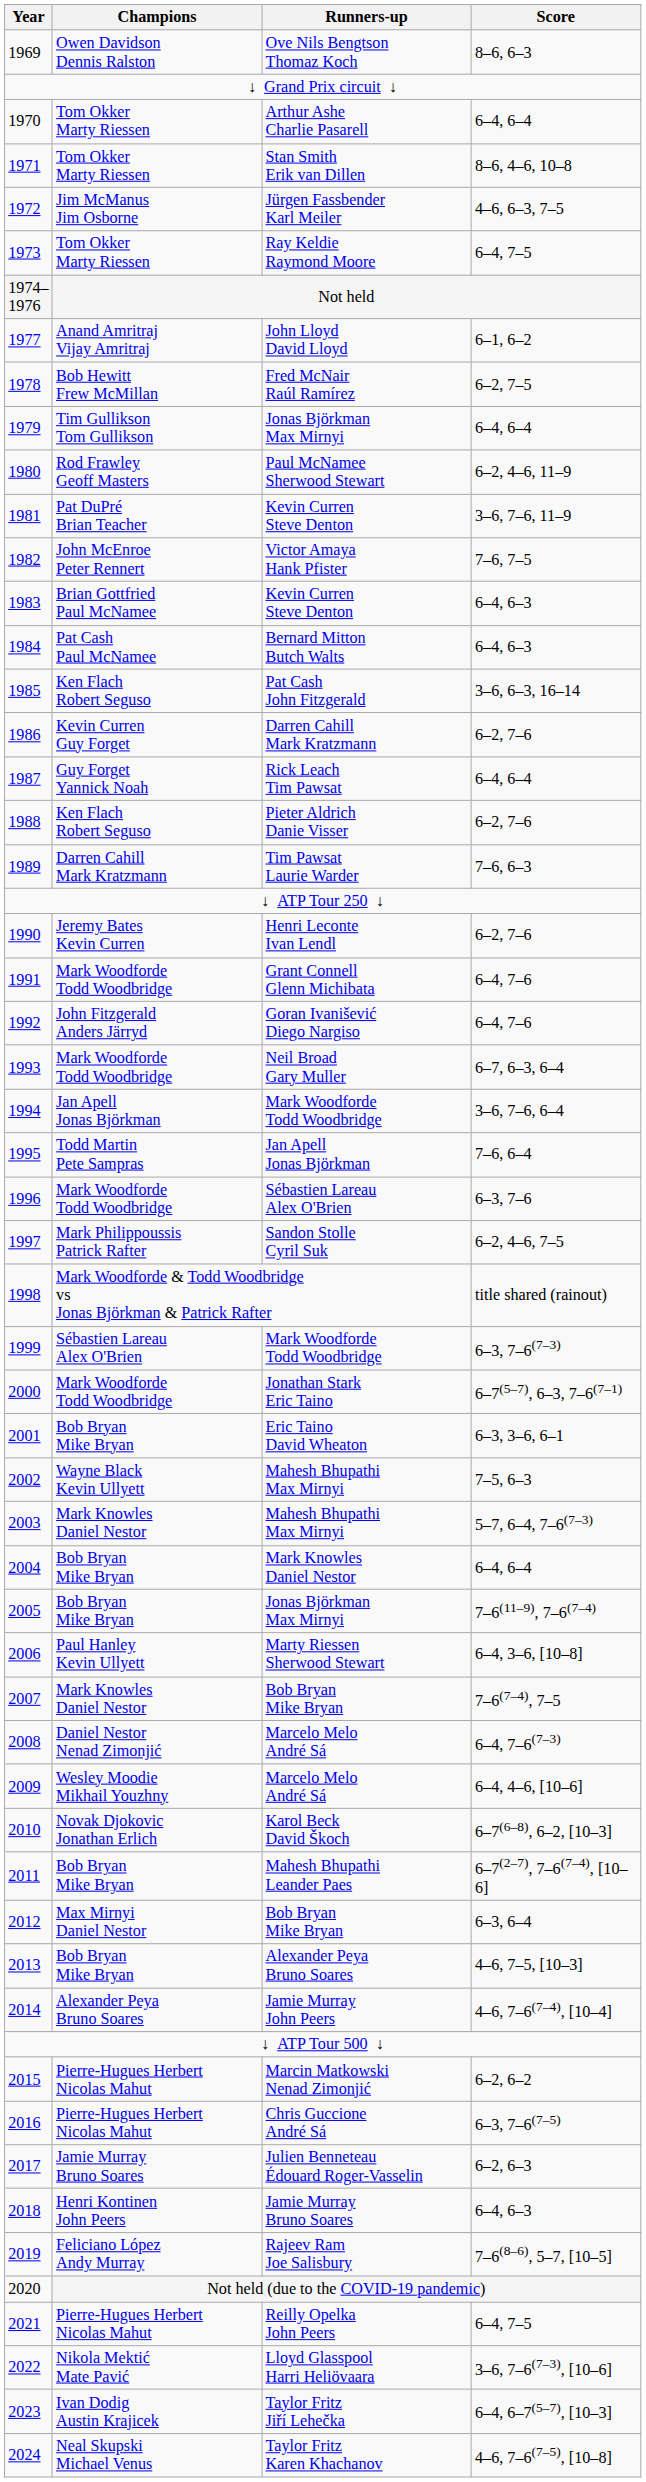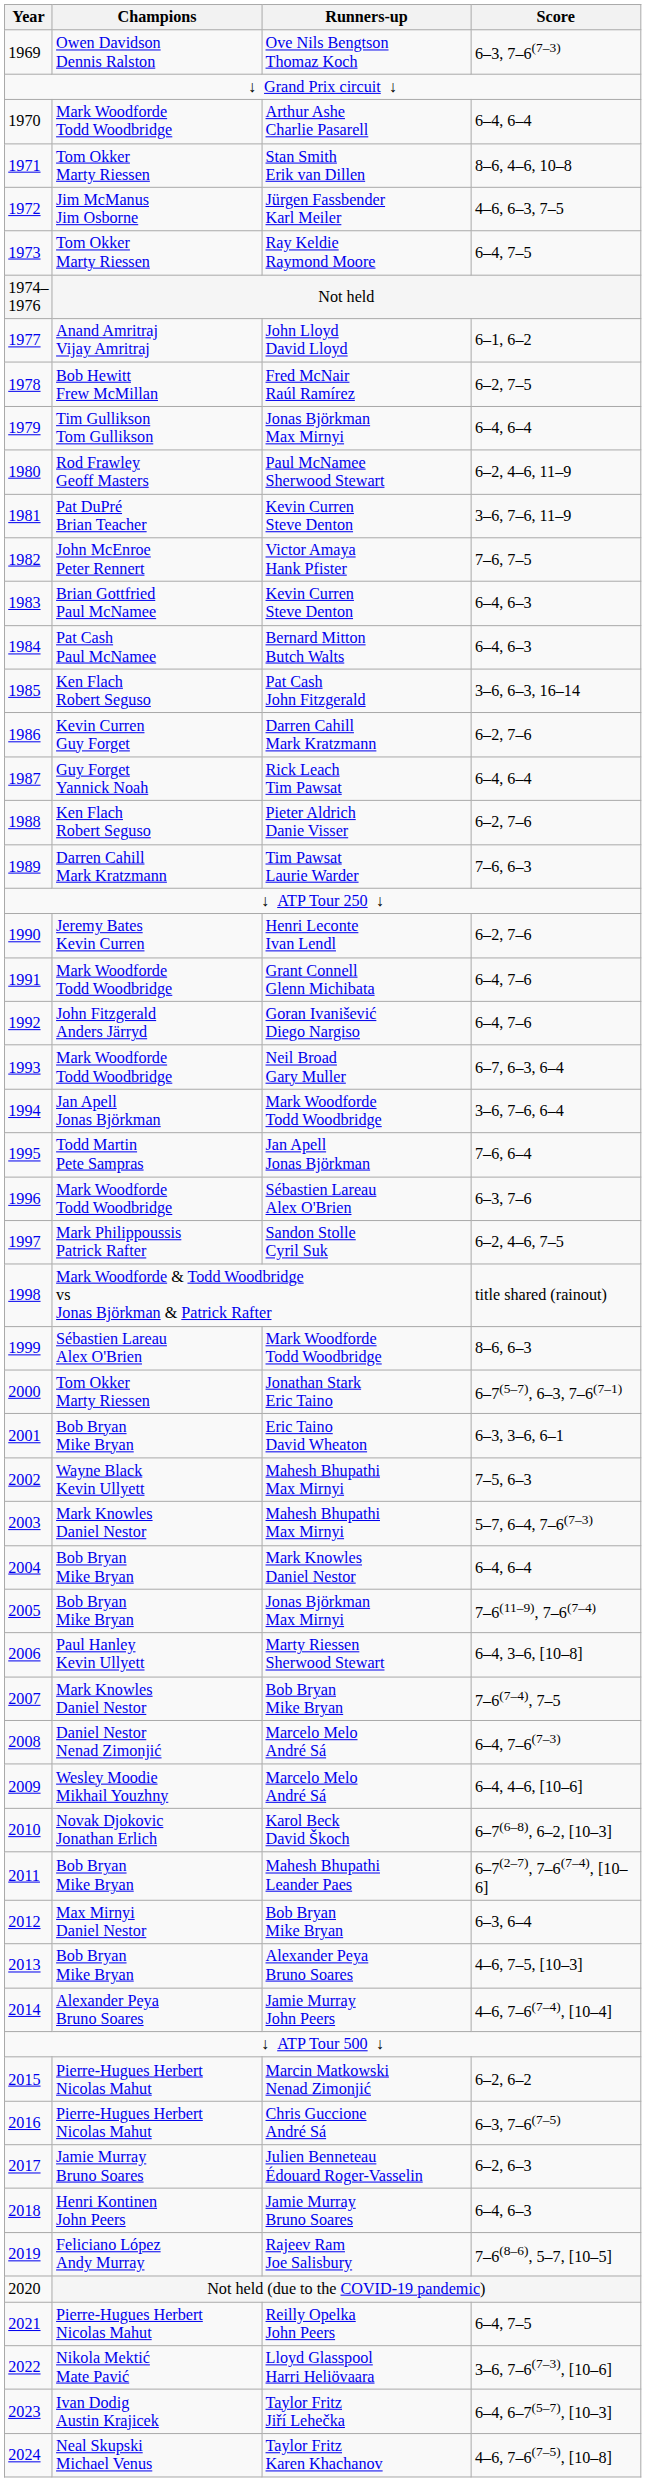 <table class="wikitable">
 <tr>
 <th style="width:40px">Year</th>
 <th style="width:200px">Champions</th>
 <th style="width:200px">Runners-up</th>
 <th style="width:160px" class="unsortable">Score</th>
 </tr>
 <tr>
 <td>1969</td>
 <td> <a href='#'>Owen Davidson</a><br>  <a href='#'>Dennis Ralston</a></td>
 <td> <a href='#'>Ove Nils Bengtson</a><br>  <a href='#'>Thomaz Koch</a></td>
-<td>8–6, 6–3</td>
+<td>6–3, 7–6<sup>(7–3)</sup></td>
 </tr>
 <tr>
 <td colspan=5 align=center>↓  <a href='#'>Grand Prix circuit</a>  ↓</td>
 </tr>
 <tr>
 <td>1970</td>
-<td> <a href='#'>Tom Okker</a><br>  <a href='#'>Marty Riessen</a></td>
+<td> <a href='#'>Mark Woodforde</a><br>  <a href='#'>Todd Woodbridge</a></td>
 <td> <a href='#'>Arthur Ashe</a><br>  <a href='#'>Charlie Pasarell</a></td>
 <td>6–4, 6–4</td>
 </tr>
 <tr>
 <td><a href='#'>1971</a></td>
 <td> <a href='#'>Tom Okker</a><br>  <a href='#'>Marty Riessen</a></td>
 <td> <a href='#'>Stan Smith</a><br>  <a href='#'>Erik van Dillen</a></td>
 <td>8–6, 4–6, 10–8</td>
 </tr>
 <tr>
 <td><a href='#'>1972</a></td>
 <td> <a href='#'>Jim McManus</a><br>  <a href='#'>Jim Osborne</a></td>
 <td> <a href='#'>Jürgen Fassbender</a><br>  <a href='#'>Karl Meiler</a></td>
 <td>4–6, 6–3, 7–5</td>
 </tr>
 <tr>
 <td><a href='#'>1973</a></td>
 <td> <a href='#'>Tom Okker</a><br>  <a href='#'>Marty Riessen</a></td>
 <td> <a href='#'>Ray Keldie</a><br>  <a href='#'>Raymond Moore</a></td>
 <td>6–4, 7–5</td>
 </tr>
 <tr>
 <td style="background:#f5f5f5">1974–1976</td>
 <td colspan="3"  style="text-align:center; background:#f5f5f5;">Not held</td>
 </tr>
 <tr>
 <td><a href='#'>1977</a></td>
 <td> <a href='#'>Anand Amritraj</a><br>  <a href='#'>Vijay Amritraj</a></td>
 <td> <a href='#'>John Lloyd</a><br>  <a href='#'>David Lloyd</a></td>
 <td>6–1, 6–2</td>
 </tr>
 <tr>
 <td><a href='#'>1978</a></td>
 <td> <a href='#'>Bob Hewitt</a><br>  <a href='#'>Frew McMillan</a></td>
 <td> <a href='#'>Fred McNair</a><br>  <a href='#'>Raúl Ramírez</a></td>
 <td>6–2, 7–5</td>
 </tr>
 <tr>
 <td><a href='#'>1979</a></td>
 <td> <a href='#'>Tim Gullikson</a><br>  <a href='#'>Tom Gullikson</a></td>
 <td> <a href='#'>Jonas Björkman</a><br>  <a href='#'>Max Mirnyi</a></td>
 <td>6–4, 6–4</td>
 </tr>
 <tr>
 <td><a href='#'>1980</a></td>
 <td> <a href='#'>Rod Frawley</a><br>  <a href='#'>Geoff Masters</a></td>
 <td> <a href='#'>Paul McNamee</a><br>  <a href='#'>Sherwood Stewart</a></td>
 <td>6–2, 4–6, 11–9</td>
 </tr>
 <tr>
 <td><a href='#'>1981</a></td>
 <td> <a href='#'>Pat DuPré</a><br>  <a href='#'>Brian Teacher</a></td>
 <td> <a href='#'>Kevin Curren</a><br>  <a href='#'>Steve Denton</a></td>
 <td>3–6, 7–6, 11–9</td>
 </tr>
 <tr>
 <td><a href='#'>1982</a></td>
 <td> <a href='#'>John McEnroe</a><br>  <a href='#'>Peter Rennert</a></td>
 <td> <a href='#'>Victor Amaya</a><br>  <a href='#'>Hank Pfister</a></td>
 <td>7–6, 7–5</td>
 </tr>
 <tr>
 <td><a href='#'>1983</a></td>
 <td> <a href='#'>Brian Gottfried</a><br>  <a href='#'>Paul McNamee</a></td>
 <td> <a href='#'>Kevin Curren</a><br>  <a href='#'>Steve Denton</a></td>
 <td>6–4, 6–3</td>
 </tr>
 <tr>
 <td><a href='#'>1984</a></td>
 <td> <a href='#'>Pat Cash</a><br>  <a href='#'>Paul McNamee</a></td>
 <td> <a href='#'>Bernard Mitton</a><br>  <a href='#'>Butch Walts</a></td>
 <td>6–4, 6–3</td>
 </tr>
 <tr>
 <td><a href='#'>1985</a></td>
 <td> <a href='#'>Ken Flach</a><br>  <a href='#'>Robert Seguso</a></td>
 <td> <a href='#'>Pat Cash</a><br>  <a href='#'>John Fitzgerald</a></td>
 <td>3–6, 6–3, 16–14</td>
 </tr>
 <tr>
 <td><a href='#'>1986</a></td>
 <td> <a href='#'>Kevin Curren</a><br>  <a href='#'>Guy Forget</a></td>
 <td> <a href='#'>Darren Cahill</a><br>  <a href='#'>Mark Kratzmann</a></td>
 <td>6–2, 7–6</td>
 </tr>
 <tr>
 <td><a href='#'>1987</a></td>
 <td> <a href='#'>Guy Forget</a><br>  <a href='#'>Yannick Noah</a></td>
 <td> <a href='#'>Rick Leach</a><br>  <a href='#'>Tim Pawsat</a></td>
 <td>6–4, 6–4</td>
 </tr>
 <tr>
 <td><a href='#'>1988</a></td>
 <td> <a href='#'>Ken Flach</a><br>  <a href='#'>Robert Seguso</a></td>
 <td> <a href='#'>Pieter Aldrich</a><br>  <a href='#'>Danie Visser</a></td>
 <td>6–2, 7–6</td>
 </tr>
 <tr>
 <td><a href='#'>1989</a></td>
 <td> <a href='#'>Darren Cahill</a><br>  <a href='#'>Mark Kratzmann</a></td>
 <td> <a href='#'>Tim Pawsat</a><br>  <a href='#'>Laurie Warder</a></td>
 <td>7–6, 6–3</td>
 </tr>
 <tr>
 <td colspan=4 align=center>↓  <a href='#'>ATP Tour 250</a>  ↓</td>
 </tr>
 <tr>
 <td><a href='#'>1990</a></td>
 <td> <a href='#'>Jeremy Bates</a><br>  <a href='#'>Kevin Curren</a></td>
 <td> <a href='#'>Henri Leconte</a><br>  <a href='#'>Ivan Lendl</a></td>
 <td>6–2, 7–6</td>
 </tr>
 <tr>
 <td><a href='#'>1991</a></td>
 <td> <a href='#'>Mark Woodforde</a><br>  <a href='#'>Todd Woodbridge</a></td>
 <td> <a href='#'>Grant Connell</a><br>  <a href='#'>Glenn Michibata</a></td>
 <td>6–4, 7–6</td>
 </tr>
 <tr>
 <td><a href='#'>1992</a></td>
 <td> <a href='#'>John Fitzgerald</a><br>  <a href='#'>Anders Järryd</a></td>
 <td> <a href='#'>Goran Ivanišević</a><br>  <a href='#'>Diego Nargiso</a></td>
 <td>6–4, 7–6</td>
 </tr>
 <tr>
 <td><a href='#'>1993</a></td>
 <td> <a href='#'>Mark Woodforde</a><br>  <a href='#'>Todd Woodbridge</a></td>
 <td> <a href='#'>Neil Broad</a><br>  <a href='#'>Gary Muller</a></td>
 <td>6–7, 6–3, 6–4</td>
 </tr>
 <tr>
 <td><a href='#'>1994</a></td>
 <td> <a href='#'>Jan Apell</a><br>  <a href='#'>Jonas Björkman</a></td>
 <td> <a href='#'>Mark Woodforde</a><br>  <a href='#'>Todd Woodbridge</a></td>
 <td>3–6, 7–6, 6–4</td>
 </tr>
 <tr>
 <td><a href='#'>1995</a></td>
 <td> <a href='#'>Todd Martin</a><br>  <a href='#'>Pete Sampras</a></td>
 <td> <a href='#'>Jan Apell</a><br>  <a href='#'>Jonas Björkman</a></td>
 <td>7–6, 6–4</td>
 </tr>
 <tr>
 <td><a href='#'>1996</a></td>
 <td> <a href='#'>Mark Woodforde</a><br>  <a href='#'>Todd Woodbridge</a></td>
 <td> <a href='#'>Sébastien Lareau</a><br>  <a href='#'>Alex O'Brien</a></td>
 <td>6–3, 7–6</td>
 </tr>
 <tr>
 <td><a href='#'>1997</a></td>
 <td> <a href='#'>Mark Philippoussis</a><br>  <a href='#'>Patrick Rafter</a></td>
 <td> <a href='#'>Sandon Stolle</a><br>  <a href='#'>Cyril Suk</a></td>
 <td>6–2, 4–6, 7–5</td>
 </tr>
 <tr>
 <td><a href='#'>1998</a></td>
 <td colspan=2> <a href='#'>Mark Woodforde</a> &  <a href='#'>Todd Woodbridge</a><br>  vs<br>  <a href='#'>Jonas Björkman</a> &  <a href='#'>Patrick Rafter</a></td>
 <td>title shared (rainout)</td>
 </tr>
 <tr>
 <td><a href='#'>1999</a></td>
 <td> <a href='#'>Sébastien Lareau</a><br>  <a href='#'>Alex O'Brien</a></td>
 <td> <a href='#'>Mark Woodforde</a><br>  <a href='#'>Todd Woodbridge</a></td>
-<td>6–3, 7–6<sup>(7–3)</sup></td>
+<td>8–6, 6–3</td>
 </tr>
 <tr>
 <td><a href='#'>2000</a></td>
-<td> <a href='#'>Mark Woodforde</a><br>  <a href='#'>Todd Woodbridge</a></td>
+<td> <a href='#'>Tom Okker</a><br>  <a href='#'>Marty Riessen</a></td>
 <td> <a href='#'>Jonathan Stark</a><br>  <a href='#'>Eric Taino</a></td>
 <td>6–7<sup>(5–7)</sup>, 6–3, 7–6<sup>(7–1)</sup></td>
 </tr>
 <tr>
 <td><a href='#'>2001</a></td>
 <td> <a href='#'>Bob Bryan</a><br>  <a href='#'>Mike Bryan</a></td>
 <td> <a href='#'>Eric Taino</a><br>  <a href='#'>David Wheaton</a></td>
 <td>6–3, 3–6, 6–1</td>
 </tr>
 <tr>
 <td><a href='#'>2002</a></td>
 <td> <a href='#'>Wayne Black</a><br>  <a href='#'>Kevin Ullyett</a></td>
 <td> <a href='#'>Mahesh Bhupathi</a><br>  <a href='#'>Max Mirnyi</a></td>
 <td>7–5, 6–3</td>
 </tr>
 <tr>
 <td><a href='#'>2003</a></td>
 <td> <a href='#'>Mark Knowles</a><br>  <a href='#'>Daniel Nestor</a></td>
 <td> <a href='#'>Mahesh Bhupathi</a><br>  <a href='#'>Max Mirnyi</a></td>
 <td>5–7, 6–4, 7–6<sup>(7–3)</sup></td>
 </tr>
 <tr>
 <td><a href='#'>2004</a></td>
 <td> <a href='#'>Bob Bryan</a><br>  <a href='#'>Mike Bryan</a></td>
 <td> <a href='#'>Mark Knowles</a><br>  <a href='#'>Daniel Nestor</a></td>
 <td>6–4, 6–4</td>
 </tr>
 <tr>
 <td><a href='#'>2005</a></td>
 <td> <a href='#'>Bob Bryan</a><br>  <a href='#'>Mike Bryan</a></td>
 <td> <a href='#'>Jonas Björkman</a><br>  <a href='#'>Max Mirnyi</a></td>
 <td>7–6<sup>(11–9)</sup>, 7–6<sup>(7–4)</sup></td>
 </tr>
 <tr>
 <td><a href='#'>2006</a></td>
 <td> <a href='#'>Paul Hanley</a><br>  <a href='#'>Kevin Ullyett</a></td>
 <td> <a href='#'>Marty Riessen</a><br>  <a href='#'>Sherwood Stewart</a></td>
 <td>6–4, 3–6, [10–8]</td>
 </tr>
 <tr>
 <td><a href='#'>2007</a></td>
 <td> <a href='#'>Mark Knowles</a><br>  <a href='#'>Daniel Nestor</a></td>
 <td> <a href='#'>Bob Bryan</a><br>  <a href='#'>Mike Bryan</a></td>
 <td>7–6<sup>(7–4)</sup>, 7–5</td>
 </tr>
 <tr>
 <td><a href='#'>2008</a></td>
 <td> <a href='#'>Daniel Nestor</a><br>  <a href='#'>Nenad Zimonjić</a></td>
 <td> <a href='#'>Marcelo Melo</a><br>  <a href='#'>André Sá</a></td>
 <td>6–4, 7–6<sup>(7–3)</sup></td>
 </tr>
 <tr>
 <td><a href='#'>2009</a></td>
 <td> <a href='#'>Wesley Moodie</a><br>  <a href='#'>Mikhail Youzhny</a></td>
 <td> <a href='#'>Marcelo Melo</a><br>  <a href='#'>André Sá</a></td>
 <td>6–4, 4–6, [10–6]</td>
 </tr>
 <tr>
 <td><a href='#'>2010</a></td>
 <td> <a href='#'>Novak Djokovic</a><br>  <a href='#'>Jonathan Erlich</a></td>
 <td> <a href='#'>Karol Beck</a><br>  <a href='#'>David Škoch</a></td>
 <td>6–7<sup>(6–8)</sup>, 6–2, [10–3]</td>
 </tr>
 <tr>
 <td><a href='#'>2011</a></td>
 <td> <a href='#'>Bob Bryan</a><br>  <a href='#'>Mike Bryan</a></td>
 <td> <a href='#'>Mahesh Bhupathi</a><br>  <a href='#'>Leander Paes</a></td>
 <td>6–7<sup>(2–7)</sup>, 7–6<sup>(7–4)</sup>, [10–6]</td>
 </tr>
 <tr>
 <td><a href='#'>2012</a></td>
 <td> <a href='#'>Max Mirnyi</a><br>  <a href='#'>Daniel Nestor</a></td>
 <td> <a href='#'>Bob Bryan</a><br>  <a href='#'>Mike Bryan</a></td>
 <td>6–3, 6–4</td>
 </tr>
 <tr>
 <td><a href='#'>2013</a></td>
 <td> <a href='#'>Bob Bryan</a><br>  <a href='#'>Mike Bryan</a></td>
 <td> <a href='#'>Alexander Peya</a><br>  <a href='#'>Bruno Soares</a></td>
 <td>4–6, 7–5, [10–3]</td>
 </tr>
 <tr>
 <td><a href='#'>2014</a></td>
 <td> <a href='#'>Alexander Peya</a><br>  <a href='#'>Bruno Soares</a></td>
 <td> <a href='#'>Jamie Murray</a><br>  <a href='#'>John Peers</a></td>
 <td>4–6, 7–6<sup>(7–4)</sup>, [10–4]</td>
 </tr>
 <tr>
 <td colspan=4 align=center>↓  <a href='#'>ATP Tour 500</a>  ↓</td>
 </tr>
 <tr>
 <td><a href='#'>2015</a></td>
 <td> <a href='#'>Pierre-Hugues Herbert</a><br>  <a href='#'>Nicolas Mahut</a></td>
 <td> <a href='#'>Marcin Matkowski</a><br>  <a href='#'>Nenad Zimonjić</a></td>
 <td>6–2, 6–2</td>
 </tr>
 <tr>
 <td><a href='#'>2016</a></td>
 <td> <a href='#'>Pierre-Hugues Herbert</a><br>  <a href='#'>Nicolas Mahut</a></td>
 <td> <a href='#'>Chris Guccione</a><br>  <a href='#'>André Sá</a></td>
 <td>6–3, 7–6<sup>(7–5)</sup></td>
 </tr>
 <tr>
 <td><a href='#'>2017</a></td>
 <td> <a href='#'>Jamie Murray</a><br> <a href='#'>Bruno Soares</a></td>
 <td> <a href='#'>Julien Benneteau</a><br> <a href='#'>Édouard Roger-Vasselin</a></td>
 <td>6–2, 6–3</td>
 </tr>
 <tr>
 <td><a href='#'>2018</a></td>
 <td> <a href='#'>Henri Kontinen</a><br> <a href='#'>John Peers</a></td>
 <td> <a href='#'>Jamie Murray</a><br> <a href='#'>Bruno Soares</a></td>
 <td>6–4, 6–3</td>
 </tr>
 <tr>
 <td><a href='#'>2019</a></td>
 <td> <a href='#'>Feliciano López</a><br>  <a href='#'>Andy Murray</a></td>
 <td> <a href='#'>Rajeev Ram</a><br> <a href='#'>Joe Salisbury</a></td>
 <td>7–6<sup>(8–6)</sup>, 5–7, [10–5]</td>
 </tr>
 <tr>
 <td>2020</td>
 <td colspan="3" align="center" bgcolor="#F5F5F5">Not held (due to the <a href='#'>COVID-19 pandemic</a>)</td>
 </tr>
 <tr>
 <td><a href='#'>2021</a></td>
 <td> <a href='#'>Pierre-Hugues Herbert</a><br>  <a href='#'>Nicolas Mahut</a></td>
 <td> <a href='#'>Reilly Opelka</a><br> <a href='#'>John Peers</a></td>
 <td>6–4, 7–5</td>
 </tr>
 <tr>
 <td><a href='#'>2022</a></td>
 <td> <a href='#'>Nikola Mektić</a><br>  <a href='#'>Mate Pavić</a></td>
 <td> <a href='#'>Lloyd Glasspool</a><br> <a href='#'>Harri Heliövaara</a></td>
 <td>3–6, 7–6<sup>(7–3)</sup>, [10–6]</td>
 </tr>
 <tr>
 <td><a href='#'>2023</a></td>
 <td> <a href='#'>Ivan Dodig</a><br>  <a href='#'>Austin Krajicek</a></td>
 <td> <a href='#'>Taylor Fritz</a><br> <a href='#'>Jiří Lehečka</a></td>
 <td>6–4, 6–7<sup>(5–7)</sup>, [10–3]</td>
 </tr>
 <tr>
 <td><a href='#'>2024</a></td>
 <td> <a href='#'>Neal Skupski</a><br>  <a href='#'>Michael Venus</a></td>
 <td> <a href='#'>Taylor Fritz</a><br> <a href='#'>Karen Khachanov</a></td>
 <td>4–6, 7–6<sup>(7–5)</sup>, [10–8]</td>
 </tr>
 </table>
